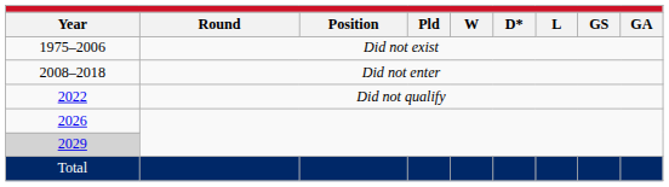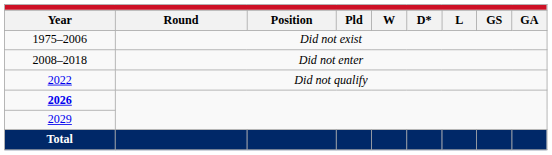 <table class="wikitable" style="text-align: center;font-size:90%;">
 <tr>
 <th colspan="9" style="background: #CE1126; color: #FFFFFF;"><a href='#'></a></th>
 </tr>
 <tr>
 <th width=125>Year</th>
 <th width=150>Round</th>
 <th width=100>Position</th>
 <th width=35>Pld</th>
 <th width=35>W</th>
 <th width=35>D*</th>
 <th width=35>L</th>
 <th width=35>GS</th>
 <th width=35>GA</th>
 </tr>
 <tr>
 <td>1975–2006</td>
 <td colspan="8"><em>Did not exist</em></td>
 </tr>
 <tr>
 <td>2008–2018</td>
 <td colspan="8"><em>Did not enter</em></td>
 </tr>
 <tr>
 <td> <a href='#'>2022</a></td>
 <td colspan="8"><em>Did not qualify</em></td>
 </tr>
 <tr>
-<td> <a href='#'>2026</a></td>
+<td><strong> <a href='#'>2026</a></strong></td>
 <td colspan=8 rowspan=2></td>
 </tr>
 <tr>
-<td style="background: lightgrey;"> <a href='#'>2029</a></td>
+<td> <a href='#'>2029</a></td>
 </tr>
 <tr>
-<td colspan=1 style="background: #002868; color: #FFFFFF;">Total</td>
+<td colspan=1 style="background: #002868; color: #FFFFFF;"><strong>Total</strong></td>
 <td style="background: #002868; color: #FFFFFF;"></td>
 <td style="background: #002868; color: #FFFFFF;"></td>
 <td style="background: #002868; color: #FFFFFF;"></td>
 <td style="background: #002868; color: #FFFFFF;"></td>
 <td style="background: #002868; color: #FFFFFF;"></td>
 <td style="background: #002868; color: #FFFFFF;"></td>
 <td style="background: #002868; color: #FFFFFF;"></td>
 <td style="background: #002868; color: #FFFFFF;"></td>
 </tr>
 </table>
